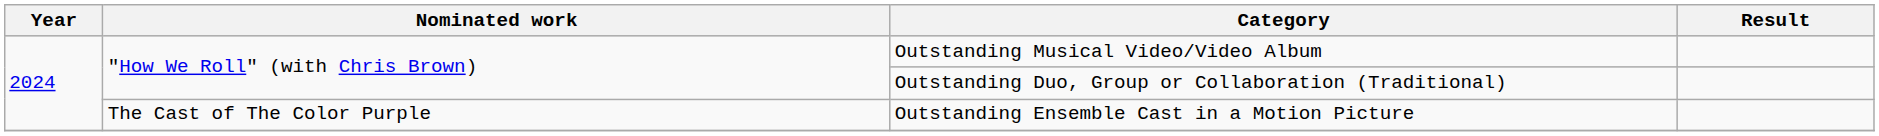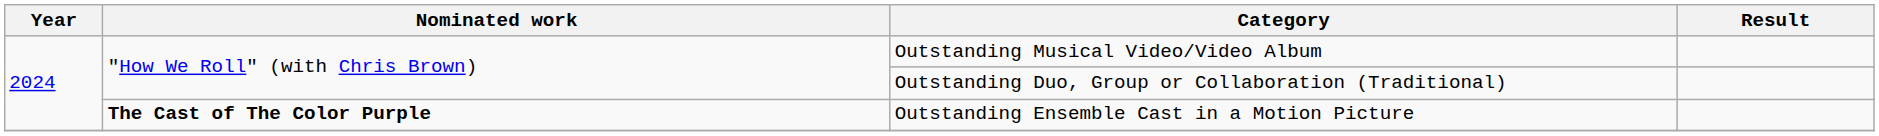 <table class="wikitable" width="100%">
 <tr>
 <th width="5%">Year</th>
 <th width="40%">Nominated work</th>
 <th width="40%">Category</th>
 <th width="10%">Result</th>
 </tr>
 <tr>
 <td rowspan="3"><a href='#'>2024</a></td>
 <td rowspan="2">"<a href='#'>How We Roll</a>" (with <a href='#'>Chris Brown</a>)</td>
 <td>Outstanding Musical Video/Video Album</td>
 <td></td>
 </tr>
 <tr>
 <td>Outstanding Duo, Group or Collaboration (Traditional)</td>
 <td></td>
 </tr>
 <tr>
-<td>The Cast of The Color Purple</td>
+<td><strong>The Cast of The Color Purple</strong></td>
 <td>Outstanding Ensemble Cast in a Motion Picture</td>
 <td></td>
 </tr>
 <tr>
 </tr>
 </table>
